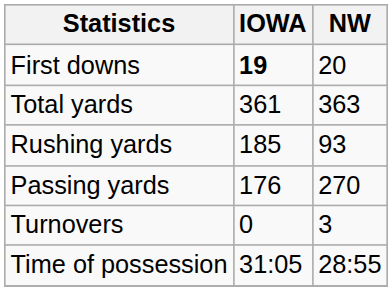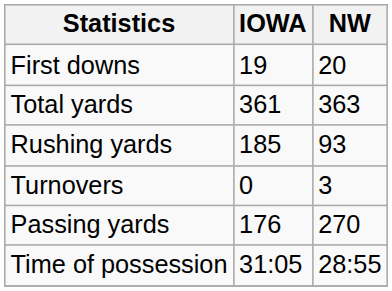 <table class="wikitable">
 <tr>
 <th>Statistics</th>
 <th>IOWA</th>
 <th>NW</th>
 </tr>
 <tr>
 <td>First downs</td>
-<td><strong>19</strong></td>
+<td>19</td>
 <td>20</td>
 </tr>
 <tr>
 <td>Total yards</td>
 <td>361</td>
 <td>363</td>
 </tr>
 <tr>
 <td>Rushing yards</td>
 <td>185</td>
 <td>93</td>
 </tr>
 <tr>
+<td>Turnovers</td>
+<td>0</td>
+<td>3</td>
+</tr>
+<tr>
 <td>Passing yards</td>
 <td>176</td>
 <td>270</td>
-</tr>
-<tr>
-<td>Turnovers</td>
-<td>0</td>
-<td>3</td>
 </tr>
 <tr>
 <td>Time of possession</td>
 <td>31:05</td>
 <td>28:55</td>
 </tr>
 <tr>
 </tr>
 </table>
